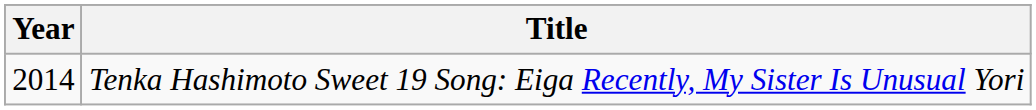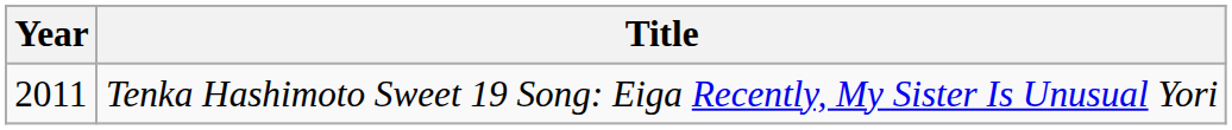 <table class="wikitable">
 <tr>
 <th>Year</th>
 <th>Title</th>
 </tr>
 <tr>
-<td>2014</td>
+<td>2011</td>
 <td><em>Tenka Hashimoto Sweet 19 Song: Eiga <a href='#'>Recently, My Sister Is Unusual</a> Yori</em></td>
 </tr>
 </table>
